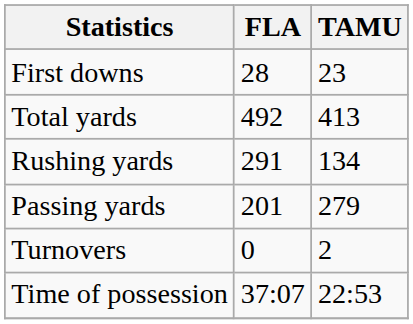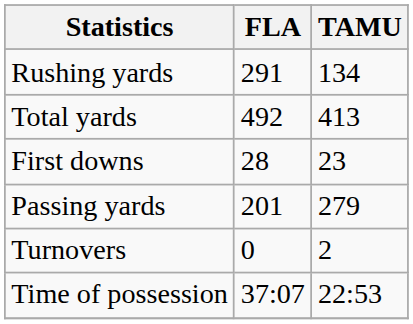 <table class="wikitable" style="float: left;">
 <tr>
 <th>Statistics</th>
 <th>FLA</th>
 <th>TAMU</th>
 </tr>
 <tr>
-<td>First downs</td>
-<td>28</td>
-<td>23</td>
+<td>Rushing yards</td>
+<td>291</td>
+<td>134</td>
 </tr>
 <tr>
 <td>Total yards</td>
 <td>492</td>
 <td>413</td>
 </tr>
 <tr>
-<td>Rushing yards</td>
-<td>291</td>
-<td>134</td>
+<td>First downs</td>
+<td>28</td>
+<td>23</td>
 </tr>
 <tr>
 <td>Passing yards</td>
 <td>201</td>
 <td>279</td>
 </tr>
 <tr>
 <td>Turnovers</td>
 <td>0</td>
 <td>2</td>
 </tr>
 <tr>
 <td>Time of possession</td>
 <td>37:07</td>
 <td>22:53</td>
 </tr>
 <tr>
 </tr>
 </table>
